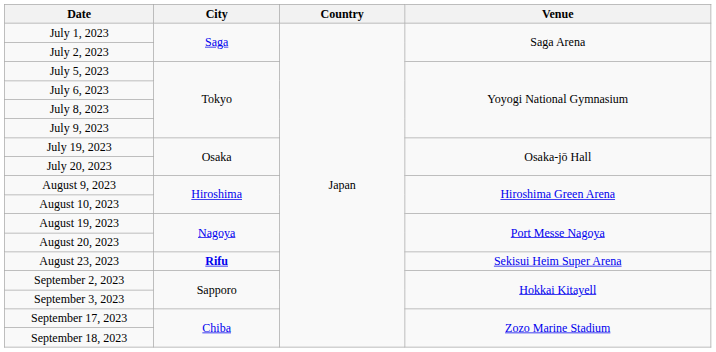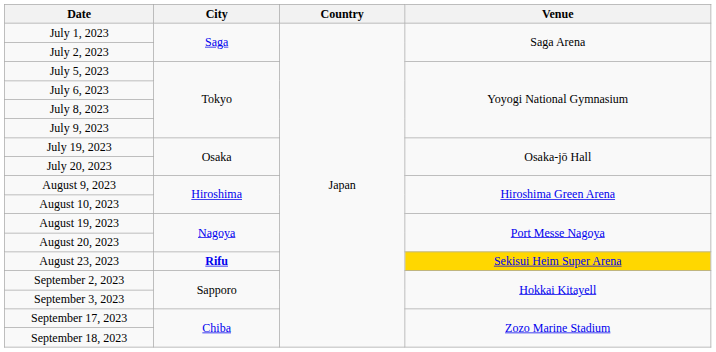 <table class="wikitable" style="text-align:center;">
 <tr>
 <th scope="col" style="width:12em;">Date</th>
 <th scope="col" style="width:10em;">City</th>
 <th scope="col" style="width:10em;">Country</th>
 <th scope="col" style="width:25em;">Venue</th>
 </tr>
 <tr>
 <td>July 1, 2023</td>
 <td rowspan="2"><a href='#'>Saga</a></td>
 <td rowspan="17">Japan</td>
 <td rowspan="2">Saga Arena</td>
 </tr>
 <tr>
 <td>July 2, 2023</td>
 </tr>
 <tr>
 <td>July 5, 2023</td>
 <td rowspan="4">Tokyo</td>
 <td rowspan="4">Yoyogi National Gymnasium</td>
 </tr>
 <tr>
 <td>July 6, 2023</td>
 </tr>
 <tr>
 <td>July 8, 2023</td>
 </tr>
 <tr>
 <td>July 9, 2023</td>
 </tr>
 <tr>
 <td>July 19, 2023</td>
 <td rowspan="2">Osaka</td>
 <td rowspan="2">Osaka-jō Hall</td>
 </tr>
 <tr>
 <td>July 20, 2023</td>
 </tr>
 <tr>
 <td>August 9, 2023</td>
 <td rowspan="2"><a href='#'>Hiroshima</a></td>
 <td rowspan="2"><a href='#'>Hiroshima Green Arena</a></td>
 </tr>
 <tr>
 <td>August 10, 2023</td>
 </tr>
 <tr>
 <td>August 19, 2023</td>
 <td rowspan="2"><a href='#'>Nagoya</a></td>
 <td rowspan="2"><a href='#'>Port Messe Nagoya</a></td>
 </tr>
 <tr>
 <td>August 20, 2023</td>
 </tr>
 <tr>
 <td>August 23, 2023</td>
 <td><strong><a href='#'>Rifu</a></strong></td>
-<td><a href='#'>Sekisui Heim Super Arena</a></td>
+<td style="background: gold;"><a href='#'>Sekisui Heim Super Arena</a></td>
 </tr>
 <tr>
 <td>September 2, 2023</td>
 <td rowspan="2">Sapporo</td>
 <td rowspan="2"><a href='#'>Hokkai Kitayell</a></td>
 </tr>
 <tr>
 <td>September 3, 2023</td>
 </tr>
 <tr>
 <td>September 17, 2023</td>
 <td rowspan="2"><a href='#'>Chiba</a></td>
 <td rowspan="2"><a href='#'>Zozo Marine Stadium</a></td>
 </tr>
 <tr>
 <td>September 18, 2023</td>
 </tr>
 </table>
